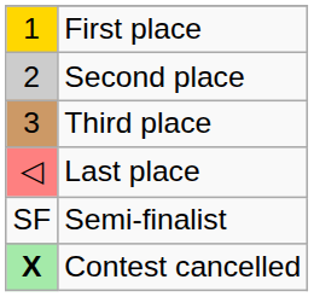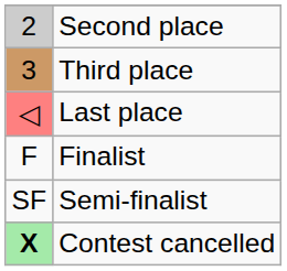 <table class="wikitable">
 <tr>
-</tr>
-<tr>
-<td style="text-align:center; background-color:#FFD700;">1</td>
-<td>First place</td>
 </tr>
 <tr>
 <td style="text-align:center; background-color:#CCC;">2</td>
 <td>Second place</td>
 </tr>
 <tr>
 <td style="text-align:center; background-color:#C96;">3</td>
 <td>Third place</td>
 </tr>
 <tr>
 <td style="text-align:center; background-color:#FE8080;">◁</td>
 <td>Last place</td>
 </tr>
 <tr>
+<td style="text-align:center;">F</td>
+<td>Finalist</td>
+</tr>
+<tr>
 <td style="text-align:center;">SF</td>
 <td>Semi-finalist</td>
 </tr>
 <tr>
 <td style="text-align:center; background-color:#A4EAA9;"><strong>X</strong></td>
 <td>Contest cancelled</td>
 </tr>
 </table>
